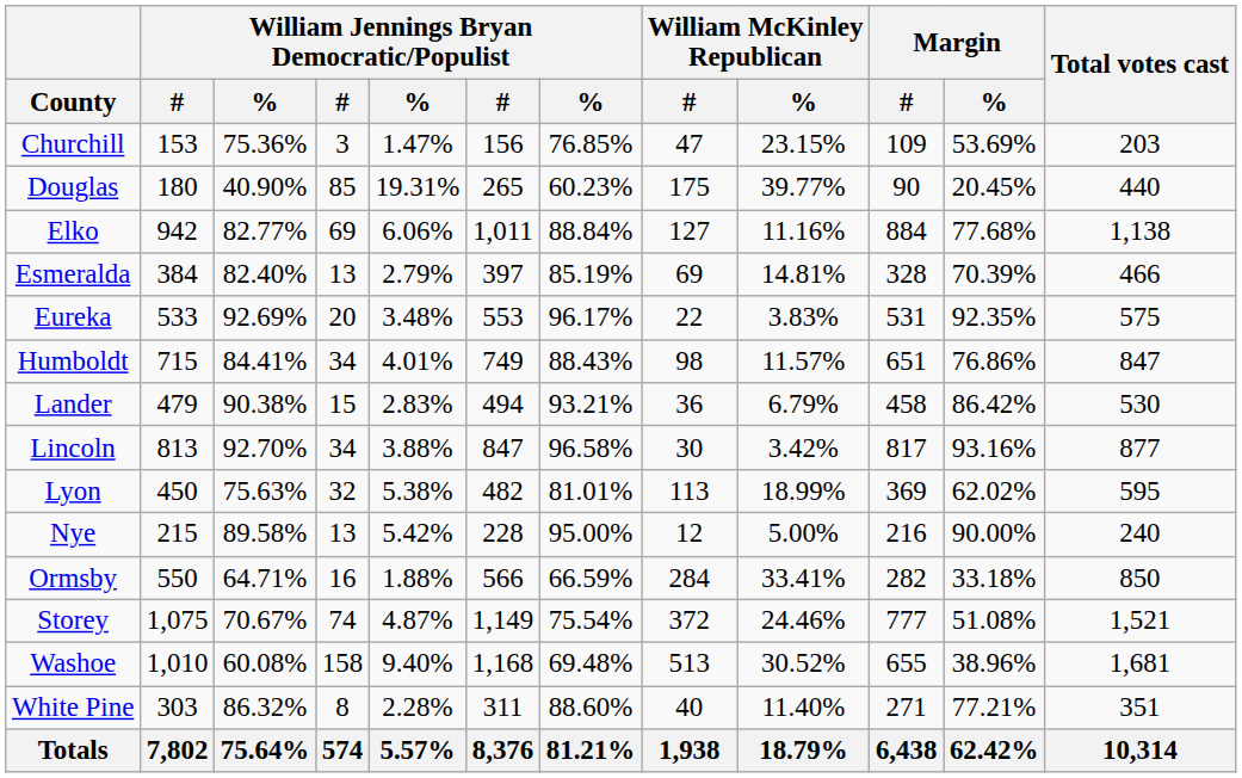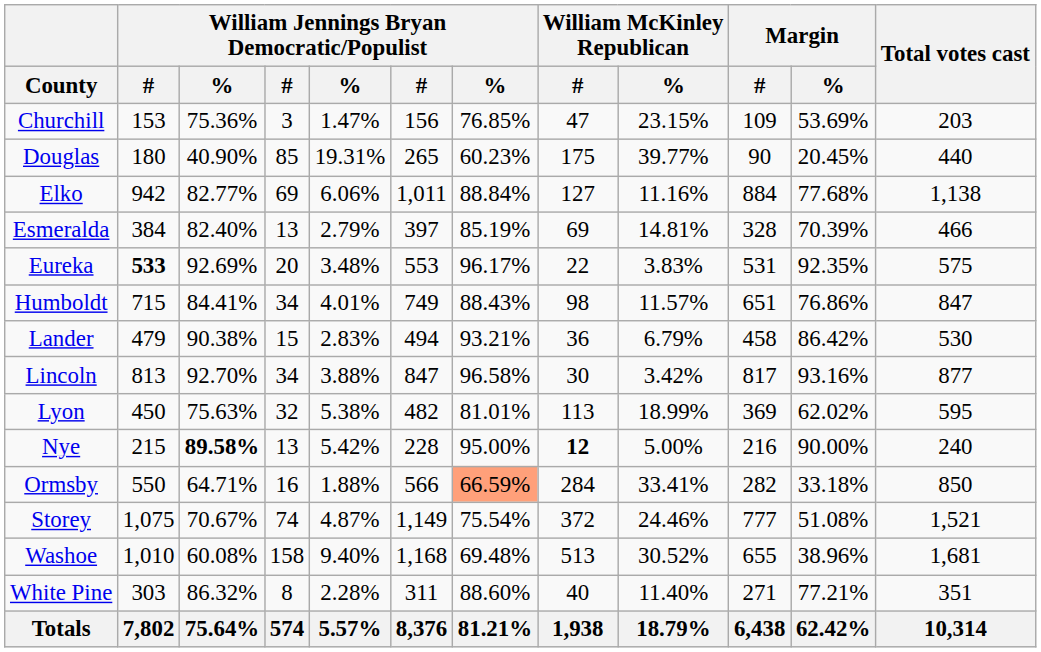 <table class="wikitable sortable" style="text-align:center">
 <tr>
 <th colspan="1"></th>
 <th style="text-align:center;" colspan="6">William Jennings Bryan<br>Democratic/Populist</th>
 <th style="text-align:center;" colspan="2">William McKinley<br>Republican</th>
 <th style="text-align:center;" colspan="2">Margin</th>
 <th style="text-align:center;" rowspan="2">Total votes cast</th>
 </tr>
 <tr>
 <th align=center>County</th>
 <th style="text-align:center;" data-sort-type="number">#</th>
 <th style="text-align:center;" data-sort-type="number">%</th>
 <th style="text-align:center;" data-sort-type="number">#</th>
 <th style="text-align:center;" data-sort-type="number">%</th>
 <th style="text-align:center;" data-sort-type="number">#</th>
 <th style="text-align:center;" data-sort-type="number">%</th>
 <th style="text-align:center;" data-sort-type="number">#</th>
 <th style="text-align:center;" data-sort-type="number">%</th>
 <th style="text-align:center;" data-sort-type="number">#</th>
 <th style="text-align:center;" data-sort-type="number">%</th>
 </tr>
 <tr style="text-align:center;">
 <td><a href='#'>Churchill</a></td>
 <td>153</td>
 <td>75.36%</td>
 <td>3</td>
 <td>1.47%</td>
 <td>156</td>
 <td>76.85%</td>
 <td>47</td>
 <td>23.15%</td>
 <td>109</td>
 <td>53.69%</td>
 <td>203</td>
 </tr>
 <tr style="text-align:center;">
 <td><a href='#'>Douglas</a></td>
 <td>180</td>
 <td>40.90%</td>
 <td>85</td>
 <td>19.31%</td>
 <td>265</td>
 <td>60.23%</td>
 <td>175</td>
 <td>39.77%</td>
 <td>90</td>
 <td>20.45%</td>
 <td>440</td>
 </tr>
 <tr style="text-align:center;">
 <td><a href='#'>Elko</a></td>
 <td>942</td>
 <td>82.77%</td>
 <td>69</td>
 <td>6.06%</td>
 <td>1,011</td>
 <td>88.84%</td>
 <td>127</td>
 <td>11.16%</td>
 <td>884</td>
 <td>77.68%</td>
 <td>1,138</td>
 </tr>
 <tr style="text-align:center;">
 <td><a href='#'>Esmeralda</a></td>
 <td>384</td>
 <td>82.40%</td>
 <td>13</td>
 <td>2.79%</td>
 <td>397</td>
 <td>85.19%</td>
 <td>69</td>
 <td>14.81%</td>
 <td>328</td>
 <td>70.39%</td>
 <td>466</td>
 </tr>
 <tr style="text-align:center;">
 <td><a href='#'>Eureka</a></td>
-<td>533</td>
+<td><strong>533</strong></td>
 <td>92.69%</td>
 <td>20</td>
 <td>3.48%</td>
 <td>553</td>
 <td>96.17%</td>
 <td>22</td>
 <td>3.83%</td>
 <td>531</td>
 <td>92.35%</td>
 <td>575</td>
 </tr>
 <tr style="text-align:center;">
 <td><a href='#'>Humboldt</a></td>
 <td>715</td>
 <td>84.41%</td>
 <td>34</td>
 <td>4.01%</td>
 <td>749</td>
 <td>88.43%</td>
 <td>98</td>
 <td>11.57%</td>
 <td>651</td>
 <td>76.86%</td>
 <td>847</td>
 </tr>
 <tr style="text-align:center;">
 <td><a href='#'>Lander</a></td>
 <td>479</td>
 <td>90.38%</td>
 <td>15</td>
 <td>2.83%</td>
 <td>494</td>
 <td>93.21%</td>
 <td>36</td>
 <td>6.79%</td>
 <td>458</td>
 <td>86.42%</td>
 <td>530</td>
 </tr>
 <tr style="text-align:center;">
 <td><a href='#'>Lincoln</a></td>
 <td>813</td>
 <td>92.70%</td>
 <td>34</td>
 <td>3.88%</td>
 <td>847</td>
 <td>96.58%</td>
 <td>30</td>
 <td>3.42%</td>
 <td>817</td>
 <td>93.16%</td>
 <td>877</td>
 </tr>
 <tr style="text-align:center;">
 <td><a href='#'>Lyon</a></td>
 <td>450</td>
 <td>75.63%</td>
 <td>32</td>
 <td>5.38%</td>
 <td>482</td>
 <td>81.01%</td>
 <td>113</td>
 <td>18.99%</td>
 <td>369</td>
 <td>62.02%</td>
 <td>595</td>
 </tr>
 <tr style="text-align:center;">
 <td><a href='#'>Nye</a></td>
 <td>215</td>
-<td>89.58%</td>
+<td><strong>89.58%</strong></td>
 <td>13</td>
 <td>5.42%</td>
 <td>228</td>
 <td>95.00%</td>
-<td>12</td>
+<td><strong>12</strong></td>
 <td>5.00%</td>
 <td>216</td>
 <td>90.00%</td>
 <td>240</td>
 </tr>
 <tr style="text-align:center;">
 <td><a href='#'>Ormsby</a></td>
 <td>550</td>
 <td>64.71%</td>
 <td>16</td>
 <td>1.88%</td>
 <td>566</td>
-<td>66.59%</td>
+<td style="background: lightsalmon;">66.59%</td>
 <td>284</td>
 <td>33.41%</td>
 <td>282</td>
 <td>33.18%</td>
 <td>850</td>
 </tr>
 <tr style="text-align:center;">
 <td><a href='#'>Storey</a></td>
 <td>1,075</td>
 <td>70.67%</td>
 <td>74</td>
 <td>4.87%</td>
 <td>1,149</td>
 <td>75.54%</td>
 <td>372</td>
 <td>24.46%</td>
 <td>777</td>
 <td>51.08%</td>
 <td>1,521</td>
 </tr>
 <tr style="text-align:center;">
 <td><a href='#'>Washoe</a></td>
 <td>1,010</td>
 <td>60.08%</td>
 <td>158</td>
 <td>9.40%</td>
 <td>1,168</td>
 <td>69.48%</td>
 <td>513</td>
 <td>30.52%</td>
 <td>655</td>
 <td>38.96%</td>
 <td>1,681</td>
 </tr>
 <tr style="text-align:center;">
 <td><a href='#'>White Pine</a></td>
 <td>303</td>
 <td>86.32%</td>
 <td>8</td>
 <td>2.28%</td>
 <td>311</td>
 <td>88.60%</td>
 <td>40</td>
 <td>11.40%</td>
 <td>271</td>
 <td>77.21%</td>
 <td>351</td>
 </tr>
 <tr style="text-align:center;">
 <th>Totals</th>
 <th>7,802</th>
 <th>75.64%</th>
 <th>574</th>
 <th>5.57%</th>
 <th>8,376</th>
 <th>81.21%</th>
 <th>1,938</th>
 <th>18.79%</th>
 <th>6,438</th>
 <th>62.42%</th>
 <th>10,314</th>
 </tr>
 </table>
